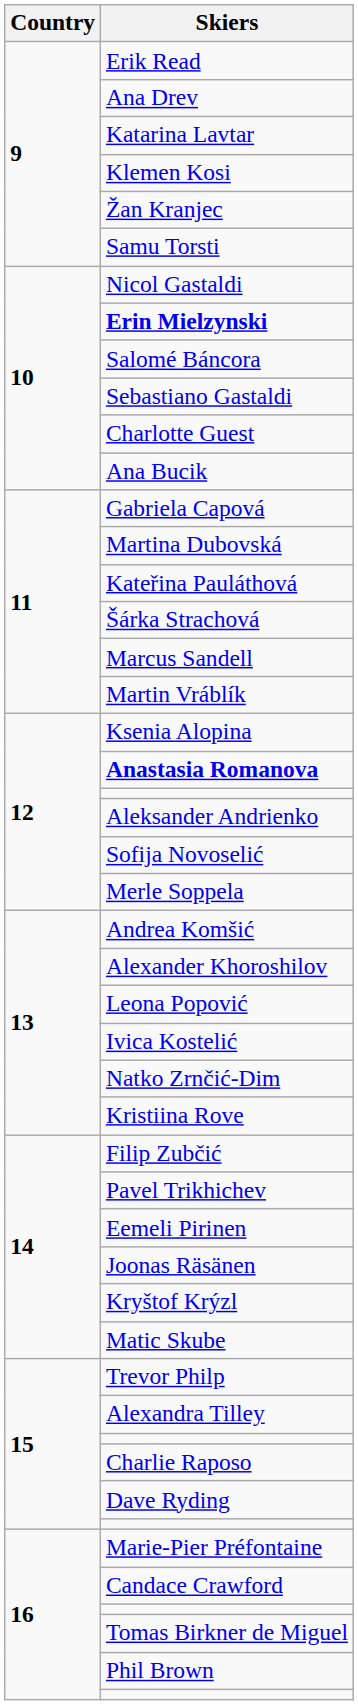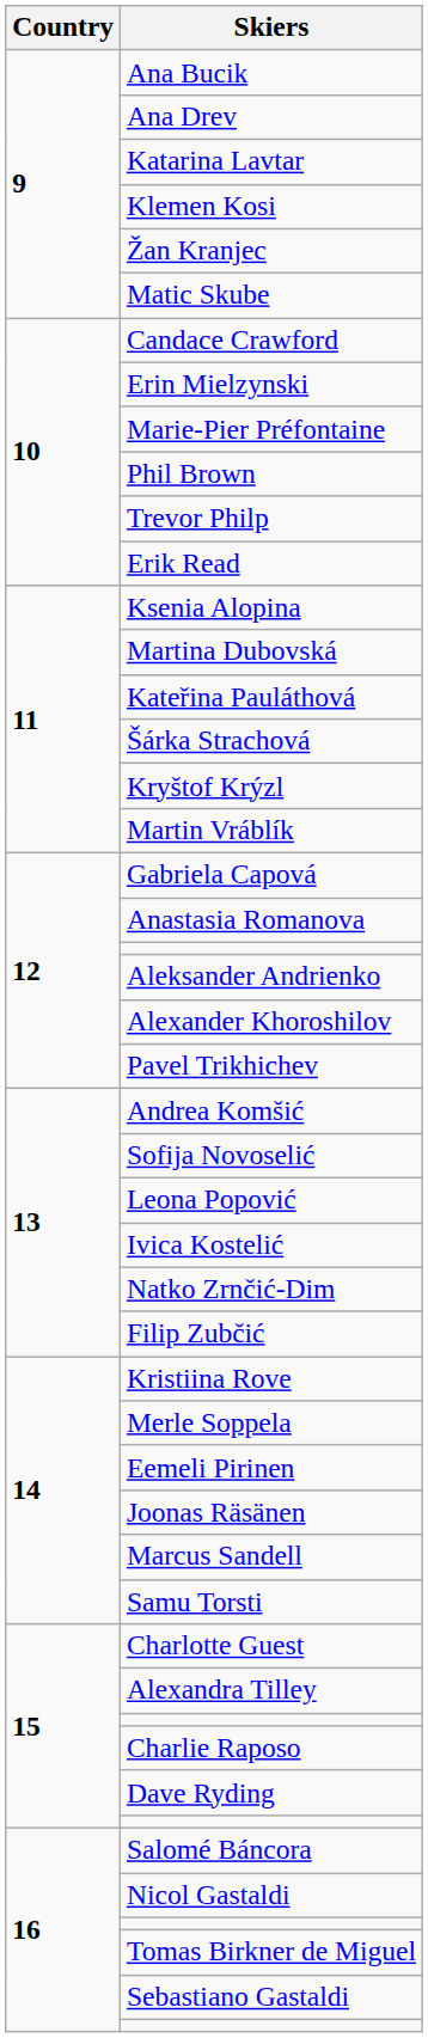 <table class="wikitable">
 <tr>
 <th>Country</th>
 <th>Skiers</th>
 </tr>
 <tr>
 <td rowspan=6><strong>9</strong> </td>
-<td><a href='#'>Erik Read</a></td>
+<td><a href='#'>Ana Bucik</a></td>
 </tr>
 <tr>
 <td><a href='#'>Ana Drev</a></td>
 </tr>
 <tr>
 <td><a href='#'>Katarina Lavtar</a></td>
 </tr>
 <tr>
 <td><a href='#'>Klemen Kosi</a></td>
 </tr>
 <tr>
 <td><a href='#'>Žan Kranjec</a></td>
 </tr>
 <tr>
-<td><a href='#'>Samu Torsti</a></td>
+<td><a href='#'>Matic Skube</a></td>
 </tr>
 <tr>
 <td rowspan=6><strong>10</strong> </td>
-<td><a href='#'>Nicol Gastaldi</a></td>
+<td><a href='#'>Candace Crawford</a></td>
 </tr>
 <tr>
-<td><strong><a href='#'>Erin Mielzynski</a></strong></td>
+<td><a href='#'>Erin Mielzynski</a></td>
 </tr>
 <tr>
-<td><a href='#'>Salomé Báncora</a></td>
+<td><a href='#'>Marie-Pier Préfontaine</a></td>
 </tr>
 <tr>
-<td><a href='#'>Sebastiano Gastaldi</a></td>
+<td><a href='#'>Phil Brown</a></td>
 </tr>
 <tr>
-<td><a href='#'>Charlotte Guest</a></td>
+<td><a href='#'>Trevor Philp</a></td>
 </tr>
 <tr>
-<td><a href='#'>Ana Bucik</a></td>
+<td><a href='#'>Erik Read</a></td>
 </tr>
 <tr>
 <td rowspan=6><strong>11</strong> </td>
-<td><a href='#'>Gabriela Capová</a></td>
+<td><a href='#'>Ksenia Alopina</a></td>
 </tr>
 <tr>
 <td><a href='#'>Martina Dubovská</a></td>
 </tr>
 <tr>
 <td><a href='#'>Kateřina Pauláthová</a></td>
 </tr>
 <tr>
 <td><a href='#'>Šárka Strachová</a></td>
 </tr>
 <tr>
-<td><a href='#'>Marcus Sandell</a></td>
+<td><a href='#'>Kryštof Krýzl</a></td>
 </tr>
 <tr>
 <td><a href='#'>Martin Vráblík</a></td>
 </tr>
 <tr>
 <td rowspan=6><strong>12</strong> </td>
-<td><a href='#'>Ksenia Alopina</a></td>
+<td><a href='#'>Gabriela Capová</a></td>
 </tr>
 <tr>
-<td><strong><a href='#'>Anastasia Romanova</a></strong></td>
+<td><a href='#'>Anastasia Romanova</a></td>
 </tr>
 <tr>
 <td></td>
 </tr>
 <tr>
 <td><a href='#'>Aleksander Andrienko</a></td>
 </tr>
 <tr>
-<td><a href='#'>Sofija Novoselić</a></td>
+<td><a href='#'>Alexander Khoroshilov</a></td>
 </tr>
 <tr>
-<td><a href='#'>Merle Soppela</a></td>
+<td><a href='#'>Pavel Trikhichev</a></td>
 </tr>
 <tr>
 <td rowspan=6><strong>13</strong> </td>
 <td><a href='#'>Andrea Komšić</a></td>
 </tr>
 <tr>
-<td><a href='#'>Alexander Khoroshilov</a></td>
+<td><a href='#'>Sofija Novoselić</a></td>
 </tr>
 <tr>
 <td><a href='#'>Leona Popović</a></td>
 </tr>
 <tr>
 <td><a href='#'>Ivica Kostelić</a></td>
 </tr>
 <tr>
 <td><a href='#'>Natko Zrnčić-Dim</a></td>
 </tr>
 <tr>
+<td><a href='#'>Filip Zubčić</a></td>
+</tr>
+<tr>
+<td rowspan=6><strong>14</strong> </td>
 <td><a href='#'>Kristiina Rove</a></td>
 </tr>
 <tr>
-<td rowspan=6><strong>14</strong> </td>
-<td><a href='#'>Filip Zubčić</a></td>
-</tr>
-<tr>
-<td><a href='#'>Pavel Trikhichev</a></td>
+<td><a href='#'>Merle Soppela</a></td>
 </tr>
 <tr>
 <td><a href='#'>Eemeli Pirinen</a></td>
 </tr>
 <tr>
 <td><a href='#'>Joonas Räsänen</a></td>
 </tr>
 <tr>
-<td><a href='#'>Kryštof Krýzl</a></td>
+<td><a href='#'>Marcus Sandell</a></td>
 </tr>
 <tr>
-<td><a href='#'>Matic Skube</a></td>
+<td><a href='#'>Samu Torsti</a></td>
 </tr>
 <tr>
 <td rowspan=6><strong>15</strong> </td>
-<td><a href='#'>Trevor Philp</a></td>
+<td><a href='#'>Charlotte Guest</a></td>
 </tr>
 <tr>
 <td><a href='#'>Alexandra Tilley</a></td>
 </tr>
 <tr>
 <td></td>
 </tr>
 <tr>
 <td><a href='#'>Charlie Raposo</a></td>
 </tr>
 <tr>
 <td><a href='#'>Dave Ryding</a></td>
 </tr>
 <tr>
 <td></td>
 </tr>
 <tr>
 <td rowspan=6><strong>16</strong> </td>
-<td><a href='#'>Marie-Pier Préfontaine</a></td>
+<td><a href='#'>Salomé Báncora</a></td>
 </tr>
 <tr>
-<td><a href='#'>Candace Crawford</a></td>
+<td><a href='#'>Nicol Gastaldi</a></td>
 </tr>
 <tr>
 <td></td>
 </tr>
 <tr>
 <td><a href='#'>Tomas Birkner de Miguel</a></td>
 </tr>
 <tr>
-<td><a href='#'>Phil Brown</a></td>
+<td><a href='#'>Sebastiano Gastaldi</a></td>
 </tr>
 <tr>
 <td></td>
 </tr>
 </table>
